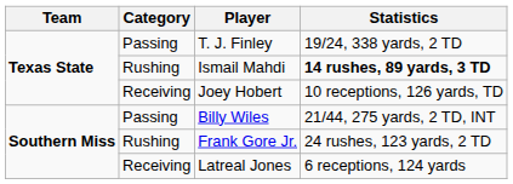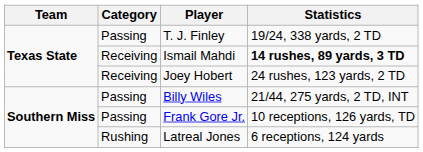 <table class="wikitable" style="float: right;">
 <tr>
 <th>Team</th>
 <th>Category</th>
 <th>Player</th>
 <th>Statistics</th>
 </tr>
 <tr>
 <td rowspan=3><strong>Texas State</strong></td>
 <td>Passing</td>
 <td>T. J. Finley</td>
 <td>19/24, 338 yards, 2 TD</td>
 </tr>
 <tr>
-<td>Rushing</td>
+<td>Receiving</td>
 <td>Ismail Mahdi</td>
 <td><strong>14 rushes, 89 yards, 3 TD</strong></td>
 </tr>
 <tr>
 <td>Receiving</td>
 <td>Joey Hobert</td>
-<td>10 receptions, 126 yards, TD</td>
+<td>24 rushes, 123 yards, 2 TD</td>
 </tr>
 <tr>
 <td rowspan=3><strong>Southern Miss</strong></td>
 <td>Passing</td>
 <td><a href='#'>Billy Wiles</a></td>
 <td>21/44, 275 yards, 2 TD, INT</td>
 </tr>
 <tr>
-<td>Rushing</td>
+<td>Passing</td>
 <td><a href='#'>Frank Gore Jr.</a></td>
-<td>24 rushes, 123 yards, 2 TD</td>
+<td>10 receptions, 126 yards, TD</td>
 </tr>
 <tr>
-<td>Receiving</td>
+<td>Rushing</td>
 <td>Latreal Jones</td>
 <td>6 receptions, 124 yards</td>
 </tr>
 </table>
